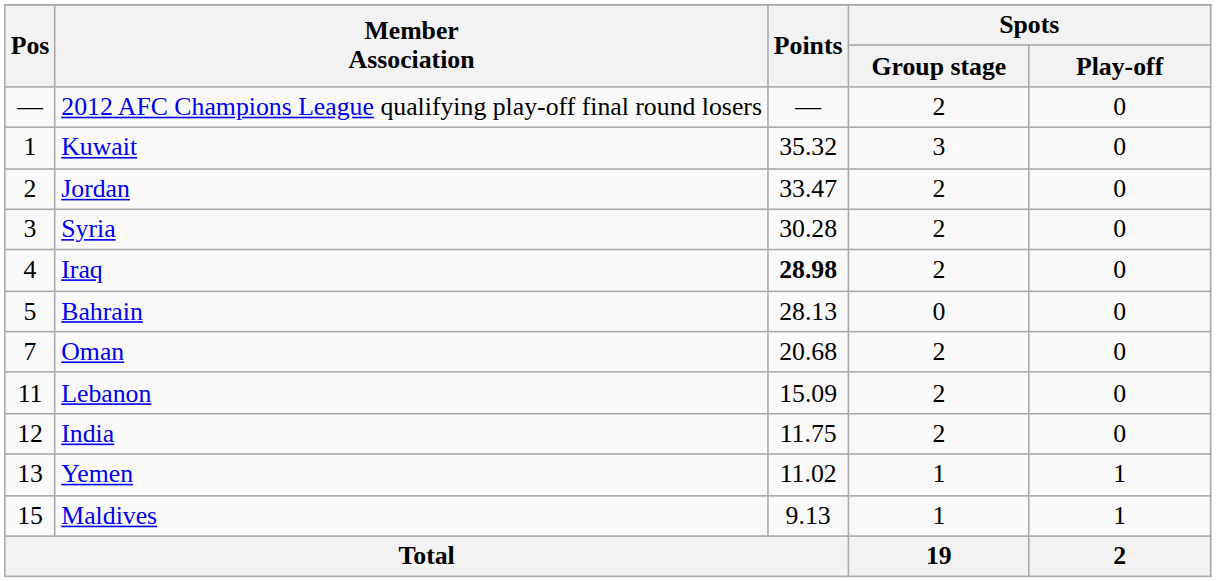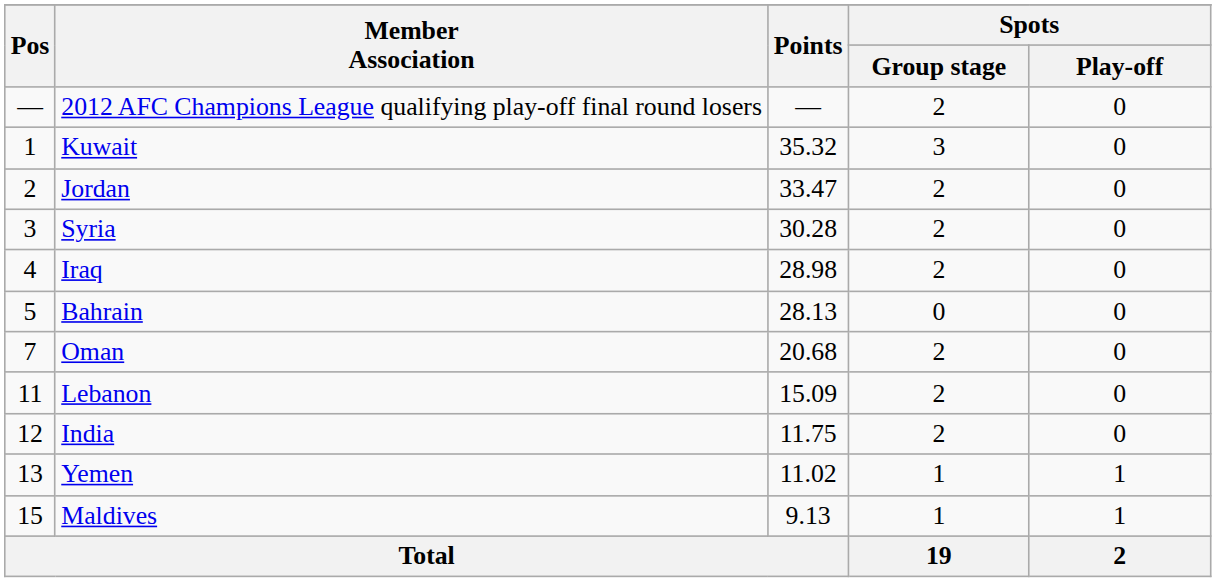 <table class="wikitable" style="text-align: center;">
 <tr>
 </tr>
 <tr>
 <th rowspan="2">Pos</th>
 <th rowspan="2">Member<br>Association</th>
 <th rowspan="2">Points</th>
 <th colspan="2">Spots</th>
 </tr>
 <tr>
 <th width=15%>Group stage</th>
 <th width=15%>Play-off</th>
 </tr>
 <tr>
 <td>—</td>
 <td align=left><a href='#'>2012 AFC Champions League</a> qualifying play-off final round losers</td>
 <td>—</td>
 <td>2</td>
 <td>0</td>
 </tr>
 <tr>
 <td>1</td>
 <td align=left> <a href='#'>Kuwait</a></td>
 <td>35.32</td>
 <td>3</td>
 <td>0</td>
 </tr>
 <tr>
 <td>2</td>
 <td align=left> <a href='#'>Jordan</a></td>
 <td>33.47</td>
 <td>2</td>
 <td>0</td>
 </tr>
 <tr>
 <td>3</td>
 <td align=left> <a href='#'>Syria</a></td>
 <td>30.28</td>
 <td>2</td>
 <td>0</td>
 </tr>
 <tr>
 <td>4</td>
 <td align=left> <a href='#'>Iraq</a></td>
-<td><strong>28.98</strong></td>
+<td>28.98</td>
 <td>2</td>
 <td>0</td>
 </tr>
 <tr>
 <td>5</td>
 <td align=left> <a href='#'>Bahrain</a></td>
 <td>28.13</td>
 <td>0</td>
 <td>0</td>
 </tr>
 <tr>
 <td>7</td>
 <td align=left> <a href='#'>Oman</a></td>
 <td>20.68</td>
 <td>2</td>
 <td>0</td>
 </tr>
 <tr>
 <td>11</td>
 <td align=left> <a href='#'>Lebanon</a></td>
 <td>15.09</td>
 <td>2</td>
 <td>0</td>
 </tr>
 <tr>
 <td>12</td>
 <td align=left> <a href='#'>India</a></td>
 <td>11.75</td>
 <td>2</td>
 <td>0</td>
 </tr>
 <tr>
 <td>13</td>
 <td align=left> <a href='#'>Yemen</a></td>
 <td>11.02</td>
 <td>1</td>
 <td>1</td>
 </tr>
 <tr>
 <td>15</td>
 <td align=left> <a href='#'>Maldives</a></td>
 <td>9.13</td>
 <td>1</td>
 <td>1</td>
 </tr>
 <tr>
 <th colspan="3">Total</th>
 <th>19</th>
 <th>2</th>
 </tr>
 </table>
